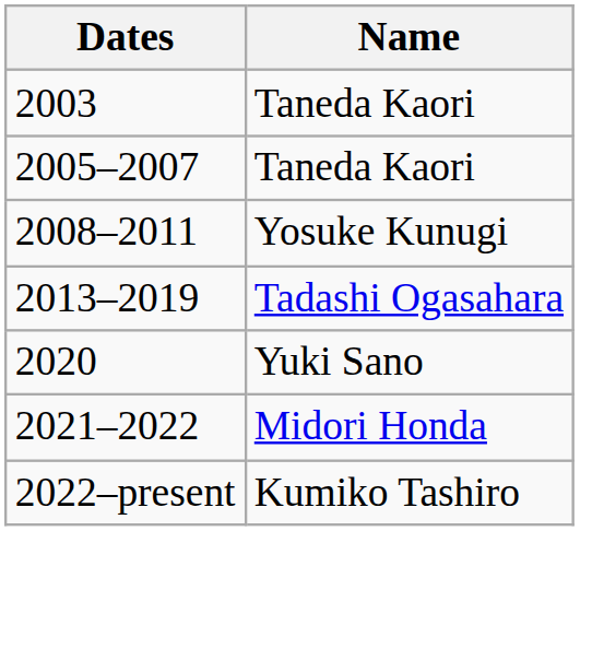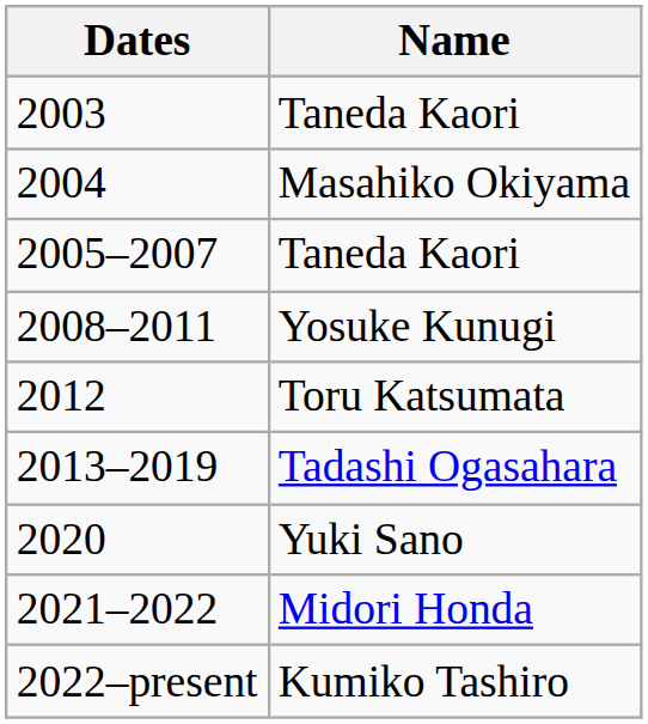 <table class="wikitable">
 <tr>
 <th>Dates</th>
 <th>Name</th>
 </tr>
 <tr>
 <td>2003</td>
 <td> Taneda Kaori</td>
 </tr>
 <tr>
+<td>2004</td>
+<td> Masahiko Okiyama</td>
+</tr>
+<tr>
 <td>2005–2007</td>
 <td> Taneda Kaori</td>
 </tr>
 <tr>
 <td>2008–2011</td>
 <td> Yosuke Kunugi</td>
+</tr>
+<tr>
+<td>2012</td>
+<td> Toru Katsumata</td>
 </tr>
 <tr>
 <td>2013–2019</td>
 <td> <a href='#'>Tadashi Ogasahara</a></td>
 </tr>
 <tr>
 <td>2020</td>
 <td> Yuki Sano</td>
 </tr>
 <tr>
 <td>2021–2022</td>
 <td> <a href='#'>Midori Honda</a></td>
 </tr>
 <tr>
 <td>2022–present</td>
 <td> Kumiko Tashiro</td>
 </tr>
 </table>
